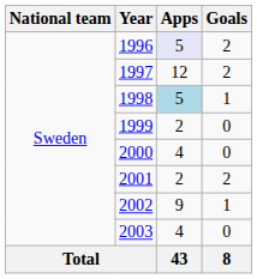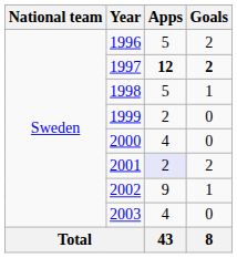 <table class="wikitable" style="text-align:center">
 <tr>
 <th>National team</th>
 <th>Year</th>
 <th>Apps</th>
 <th>Goals</th>
 </tr>
 <tr>
 <td rowspan="8"><a href='#'>Sweden</a></td>
 <td><a href='#'>1996</a></td>
-<td style="background: lavender;">5</td>
+<td>5</td>
 <td>2</td>
 </tr>
 <tr>
 <td><a href='#'>1997</a></td>
-<td>12</td>
-<td>2</td>
+<td><strong>12</strong></td>
+<td><strong>2</strong></td>
 </tr>
 <tr>
 <td><a href='#'>1998</a></td>
-<td style="background: lightblue;">5</td>
+<td>5</td>
 <td>1</td>
 </tr>
 <tr>
 <td><a href='#'>1999</a></td>
 <td>2</td>
 <td>0</td>
 </tr>
 <tr>
 <td><a href='#'>2000</a></td>
 <td>4</td>
 <td>0</td>
 </tr>
 <tr>
 <td><a href='#'>2001</a></td>
-<td>2</td>
+<td style="background: lavender;">2</td>
 <td>2</td>
 </tr>
 <tr>
 <td><a href='#'>2002</a></td>
 <td>9</td>
 <td>1</td>
 </tr>
 <tr>
 <td><a href='#'>2003</a></td>
 <td>4</td>
 <td>0</td>
 </tr>
 <tr>
 <th colspan="2">Total</th>
 <th>43</th>
 <th>8</th>
 </tr>
 </table>
